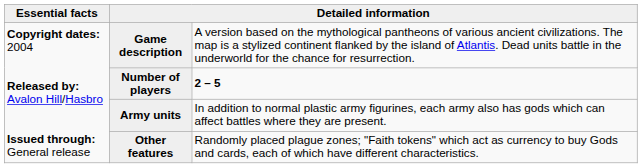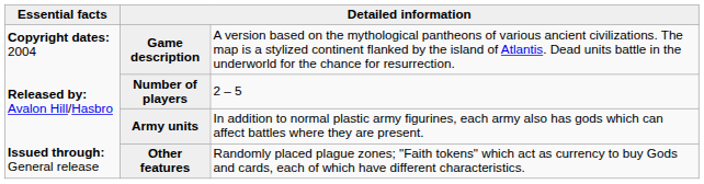 <table class="wikitable">
 <tr>
 <th style="background:#efefef;">Essential facts</th>
 <th style="background:#efefef;" colspan=2>Detailed information</th>
 </tr>
 <tr>
 <td rowspan=4><strong>Copyright dates:</strong> 2004<br><br><br> <strong>Released by:</strong> <a href='#'>Avalon Hill</a>/<a href='#'>Hasbro</a> <br><br><br> <strong>Issued through:</strong> General release</td>
 <th style="background:#efefef;">Game description</th>
 <td>A version based on the mythological pantheons of various ancient civilizations.  The map is a stylized continent flanked by the island of <a href='#'>Atlantis</a>.  Dead units battle in the underworld for the chance for resurrection.</td>
 </tr>
 <tr>
 <th style="background:#efefef;">Number of players</th>
-<td><strong>2 – 5</strong></td>
+<td>2 – 5</td>
 </tr>
 <tr>
 <th style="background:#efefef;">Army units</th>
 <td>In addition to normal plastic army figurines, each army also has gods which can affect battles where they are present.</td>
 </tr>
 <tr>
 <th style="background:#efefef;">Other features</th>
 <td>Randomly placed plague zones; "Faith tokens" which act as currency to buy Gods and cards, each of which have different characteristics.</td>
 </tr>
 </table>
